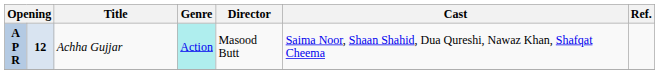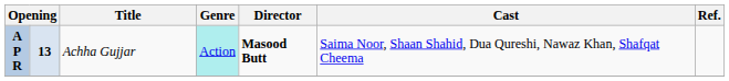 <table class="wikitable">
 <tr style="background:#b0e0e66; text-align:center;">
 <th colspan="2"><strong>Opening</strong></th>
 <th style="width:19%;"><strong>Title</strong></th>
 <th><strong>Genre</strong></th>
 <th><strong>Director</strong></th>
 <th><strong>Cast</strong></th>
 <th><strong>Ref.</strong></th>
 </tr>
 <tr>
 <td rowspan="1" style="text-align:center; background:#b4cae3;"><strong>A<br>P<br>R</strong></td>
-<td rowspan="1" style="text-align:center; background:#d9e4f1; textcolor:#000;"><strong>12</strong></td>
+<td rowspan="1" style="text-align:center; background:#d9e4f1; textcolor:#000;"><strong>13</strong></td>
 <td><em>Achha Gujjar</em></td>
 <td style="background: paleturquoise;"><a href='#'>Action</a></td>
-<td>Masood Butt</td>
+<td><strong>Masood Butt</strong></td>
 <td><a href='#'>Saima Noor</a>, <a href='#'>Shaan Shahid</a>, Dua Qureshi, Nawaz Khan, <a href='#'>Shafqat Cheema</a></td>
 <td></td>
 </tr>
 <tr>
 </tr>
 </table>
